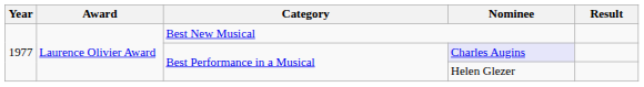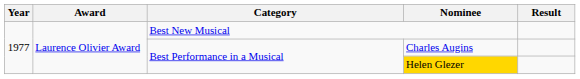 <table class="wikitable" width="95%">
 <tr>
 <th width="5%">Year</th>
 <th width="20%">Award</th>
 <th width="45%">Category</th>
 <th width="20%">Nominee</th>
 <th width="10%">Result</th>
 </tr>
 <tr>
 <td rowspan="3" align="center">1977</td>
 <td rowspan="3"><a href='#'>Laurence Olivier Award</a></td>
 <td colspan="2"><a href='#'>Best New Musical</a></td>
 <td></td>
 </tr>
 <tr>
 <td rowspan="2"><a href='#'>Best Performance in a Musical</a></td>
-<td style="background: lavender;"><a href='#'>Charles Augins</a></td>
+<td><a href='#'>Charles Augins</a></td>
 <td></td>
 </tr>
 <tr>
-<td>Helen Glezer</td>
+<td style="background: gold;">Helen Glezer</td>
 <td></td>
 </tr>
 </table>
